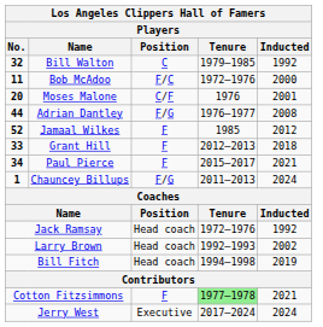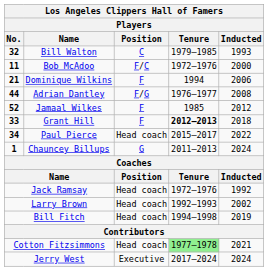 <table class="wikitable" style="text-align:center">
 <tr>
 <th colspan="5">Los Angeles Clippers Hall of Famers</th>
 </tr>
 <tr>
 <th colspan="5" style="text-align:center; ">Players</th>
 </tr>
 <tr>
 <th>No.</th>
 <th>Name</th>
 <th>Position</th>
 <th>Tenure</th>
 <th>Inducted</th>
 </tr>
 <tr>
 <td><strong>32</strong></td>
 <td><a href='#'>Bill Walton</a></td>
 <td><a href='#'>C</a></td>
 <td>1979–1985</td>
-<td>1992</td>
+<td>1993</td>
 </tr>
 <tr>
 <td><strong>11</strong></td>
 <td><a href='#'>Bob McAdoo</a></td>
 <td><a href='#'>F</a>/<a href='#'>C</a></td>
 <td>1972–1976</td>
 <td>2000</td>
 </tr>
 <tr>
-<td><strong>20</strong></td>
-<td><a href='#'>Moses Malone</a></td>
-<td><a href='#'>C</a>/<a href='#'>F</a></td>
-<td>1976</td>
-<td>2001</td>
+<td><strong>21</strong></td>
+<td><a href='#'>Dominique Wilkins</a></td>
+<td><a href='#'>F</a></td>
+<td>1994</td>
+<td>2006</td>
 </tr>
 <tr>
 <td><strong>44</strong></td>
 <td><a href='#'>Adrian Dantley</a></td>
 <td><a href='#'>F</a>/<a href='#'>G</a></td>
 <td>1976–1977</td>
 <td>2008</td>
 </tr>
 <tr>
 <td><strong>52</strong></td>
 <td><a href='#'>Jamaal Wilkes</a></td>
 <td><a href='#'>F</a></td>
 <td>1985</td>
 <td>2012</td>
 </tr>
 <tr>
 <td><strong>33</strong></td>
 <td><a href='#'>Grant Hill</a></td>
 <td><a href='#'>F</a></td>
-<td>2012–2013</td>
+<td><strong>2012–2013</strong></td>
 <td>2018</td>
 </tr>
 <tr>
 <td><strong>34</strong></td>
 <td><a href='#'>Paul Pierce</a></td>
-<td><a href='#'>F</a></td>
+<td>Head coach</td>
 <td>2015–2017</td>
-<td>2021</td>
+<td>2022</td>
 </tr>
 <tr>
 <td><strong>1</strong></td>
 <td><a href='#'>Chauncey Billups</a></td>
-<td><a href='#'>F</a>/<a href='#'>G</a></td>
+<td><a href='#'>G</a></td>
 <td>2011–2013</td>
 <td>2024</td>
 </tr>
 <tr>
 <th colspan="5" style="text-align:center; ">Coaches</th>
 </tr>
 <tr>
 <th colspan="2">Name</th>
 <th>Position</th>
 <th>Tenure</th>
 <th>Inducted</th>
 </tr>
 <tr>
 <td colspan="2"><a href='#'>Jack Ramsay</a></td>
 <td>Head coach</td>
 <td>1972–1976</td>
 <td>1992</td>
 </tr>
 <tr>
 <td colspan="2"><a href='#'>Larry Brown</a></td>
 <td>Head coach</td>
 <td>1992–1993</td>
 <td>2002</td>
 </tr>
 <tr>
 <td colspan="2"><a href='#'>Bill Fitch</a></td>
 <td>Head coach</td>
 <td>1994–1998</td>
 <td>2019</td>
 </tr>
 <tr>
 <th colspan="5" style="text-align:center; ">Contributors</th>
 </tr>
 <tr>
 <td colspan="2"><a href='#'>Cotton Fitzsimmons</a></td>
-<td><a href='#'>F</a></td>
+<td>Head coach</td>
 <td style="background: lightgreen;">1977–1978</td>
 <td>2021</td>
 </tr>
 <tr>
 <td colspan="2"><a href='#'>Jerry West</a></td>
 <td>Executive</td>
 <td>2017–2024</td>
 <td>2024</td>
 </tr>
 </table>
